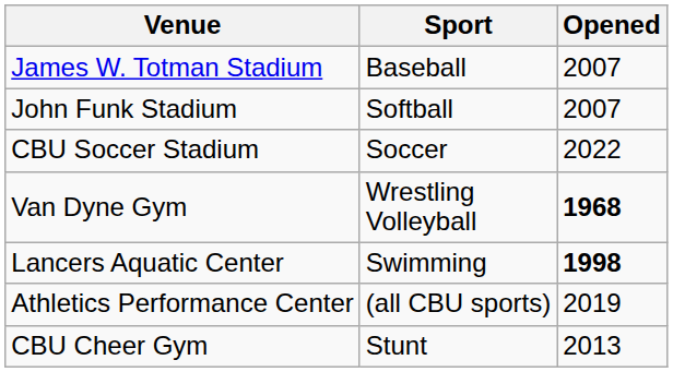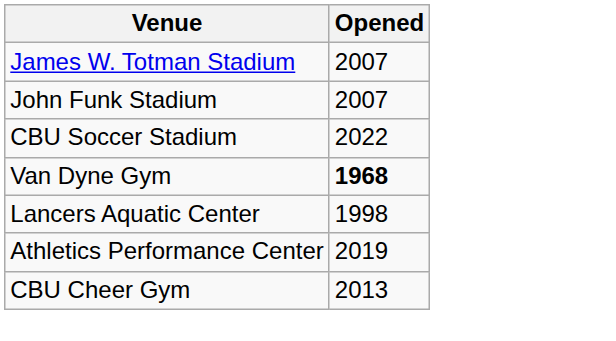 <table class="wikitable sortable"; style= "text-align: ">
 <tr>
 <th width=px>Venue</th>
-<th width=px>Sport</th>
 <th width=px>Opened</th>
 </tr>
 <tr>
 <td><a href='#'>James W. Totman Stadium</a></td>
-<td>Baseball</td>
 <td>2007</td>
 </tr>
 <tr>
 <td>John Funk Stadium</td>
-<td>Softball</td>
 <td>2007</td>
 </tr>
 <tr>
 <td>CBU Soccer Stadium</td>
-<td>Soccer</td>
 <td>2022</td>
 </tr>
 <tr>
 <td>Van Dyne Gym</td>
-<td>Wrestling <br> Volleyball</td>
 <td><strong>1968</strong></td>
 </tr>
 <tr>
 <td>Lancers Aquatic Center</td>
-<td>Swimming</td>
-<td><strong>1998</strong></td>
+<td>1998</td>
 </tr>
 <tr>
 <td>Athletics Performance Center</td>
-<td>(all CBU sports)</td>
 <td>2019</td>
 </tr>
 <tr>
 <td>CBU Cheer Gym</td>
-<td>Stunt</td>
 <td>2013</td>
 </tr>
 </table>
